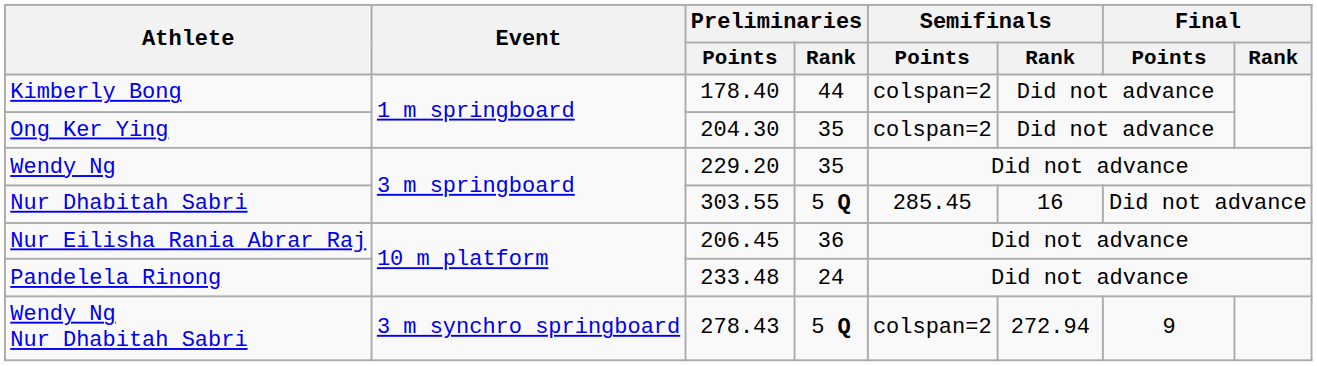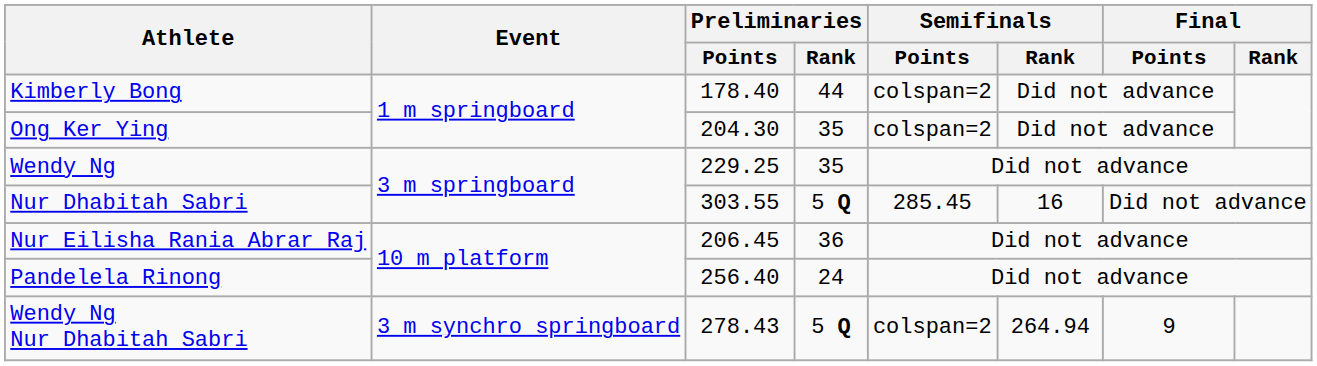 <table class="wikitable" style="text-align:center; font-size:90%;">
 <tr>
 <th rowspan=2>Athlete</th>
 <th rowspan=2>Event</th>
 <th colspan=2>Preliminaries</th>
 <th colspan=2>Semifinals</th>
 <th colspan=2>Final</th>
 </tr>
 <tr style="font-size:95%">
 <th>Points</th>
 <th>Rank</th>
 <th>Points</th>
 <th>Rank</th>
 <th>Points</th>
 <th>Rank</th>
 </tr>
 <tr>
 <td align=left><a href='#'>Kimberly Bong</a></td>
 <td align=left rowspan=2><a href='#'>1 m springboard</a></td>
 <td>178.40</td>
 <td>44</td>
 <td>colspan=2 </td>
 <td colspan=2>Did not advance</td>
 </tr>
 <tr>
 <td align=left><a href='#'>Ong Ker Ying</a></td>
 <td>204.30</td>
 <td>35</td>
 <td>colspan=2 </td>
 <td colspan=2>Did not advance</td>
 </tr>
 <tr>
 <td align=left><a href='#'>Wendy Ng</a></td>
 <td align=left rowspan=2><a href='#'>3 m springboard</a></td>
-<td>229.20</td>
+<td>229.25</td>
 <td>35</td>
 <td colspan=4>Did not advance</td>
 </tr>
 <tr>
 <td align=left><a href='#'>Nur Dhabitah Sabri</a></td>
 <td>303.55</td>
 <td>5 <strong>Q</strong></td>
 <td>285.45</td>
 <td>16</td>
 <td colspan=2>Did not advance</td>
 </tr>
 <tr>
 <td align=left><a href='#'>Nur Eilisha Rania Abrar Raj</a></td>
 <td align=left rowspan=2><a href='#'>10 m platform</a></td>
 <td>206.45</td>
 <td>36</td>
 <td colspan=4>Did not advance</td>
 </tr>
 <tr>
 <td align=left><a href='#'>Pandelela Rinong</a></td>
-<td>233.48</td>
+<td>256.40</td>
 <td>24</td>
 <td colspan=4>Did not advance</td>
 </tr>
 <tr>
 <td align=left><a href='#'>Wendy Ng</a><br> <a href='#'>Nur Dhabitah Sabri</a></td>
 <td align=left><a href='#'>3 m synchro springboard</a></td>
 <td>278.43</td>
 <td>5 <strong>Q</strong></td>
 <td>colspan=2 </td>
-<td>272.94</td>
+<td>264.94</td>
 <td>9</td>
 </tr>
 </table>
